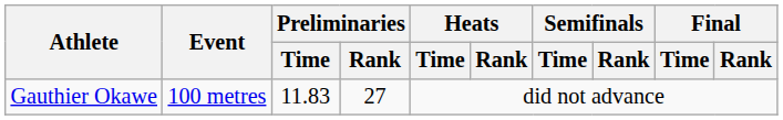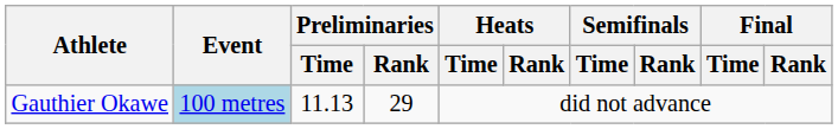 <table class=wikitable style="font-size:90%;">
 <tr>
 <th rowspan=2>Athlete</th>
 <th rowspan=2>Event</th>
 <th colspan=2>Preliminaries</th>
 <th colspan=2>Heats</th>
 <th colspan=2>Semifinals</th>
 <th colspan=2>Final</th>
 </tr>
 <tr>
 <th>Time</th>
 <th>Rank</th>
 <th>Time</th>
 <th>Rank</th>
 <th>Time</th>
 <th>Rank</th>
 <th>Time</th>
 <th>Rank</th>
 </tr>
 <tr>
 <td><a href='#'>Gauthier Okawe</a></td>
-<td><a href='#'>100 metres</a></td>
-<td align="center">11.83</td>
-<td align="center">27</td>
+<td style="background: lightblue;"><a href='#'>100 metres</a></td>
+<td align="center">11.13</td>
+<td align="center">29</td>
 <td align="center" colspan=6>did not advance</td>
 </tr>
 </table>
